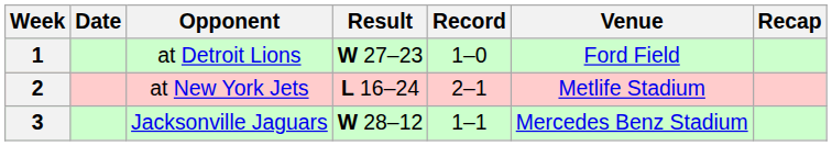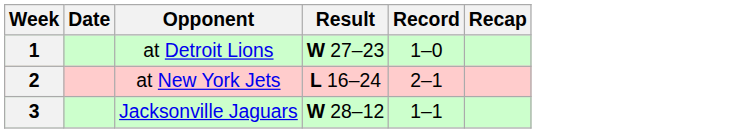 <table class="wikitable" style="text-align:center">
 <tr>
 <th>Week</th>
 <th>Date</th>
 <th>Opponent</th>
 <th>Result</th>
 <th>Record</th>
-<th>Venue</th>
 <th>Recap</th>
 </tr>
 <tr style="background:#cfc">
 <th>1</th>
 <td></td>
 <td>at <a href='#'>Detroit Lions</a></td>
 <td><strong>W</strong> 27–23</td>
 <td>1–0</td>
-<td><a href='#'>Ford Field</a></td>
 <td></td>
 </tr>
 <tr style="background:#fcc">
 <th>2</th>
 <td></td>
 <td>at <a href='#'>New York Jets</a></td>
 <td><strong>L</strong> 16–24</td>
 <td>2–1</td>
-<td><a href='#'>Metlife Stadium</a></td>
 <td></td>
 </tr>
 <tr style="background:#cfc">
 <th>3</th>
 <td></td>
 <td><a href='#'>Jacksonville Jaguars</a></td>
 <td><strong>W</strong> 28–12</td>
 <td>1–1</td>
-<td><a href='#'>Mercedes Benz Stadium</a></td>
 <td></td>
 </tr>
 </table>
